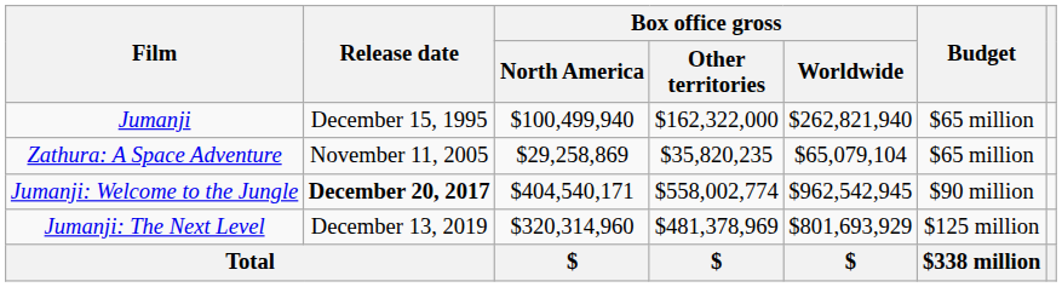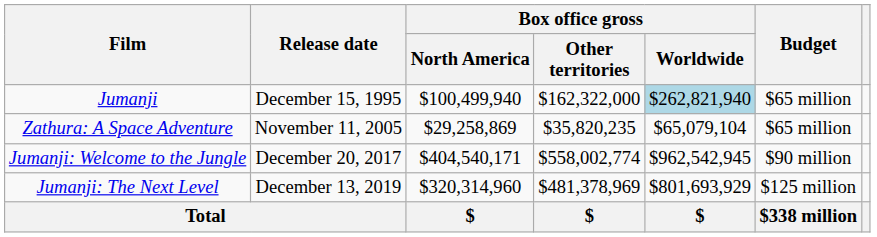 <table class="wikitable sortable" border="1" style="text-align: center;">
 <tr>
 <th rowspan="2">Film</th>
 <th rowspan="2">Release date</th>
 <th colspan="3">Box office gross</th>
 <th rowspan="2">Budget</th>
 <th rowspan="2"></th>
 </tr>
 <tr>
 <th>North America</th>
 <th>Other<br>territories</th>
 <th>Worldwide</th>
 </tr>
 <tr>
 <td><em><a href='#'>Jumanji</a></em></td>
 <td>December 15, 1995</td>
 <td style="text-align:center;">$100,499,940</td>
 <td style="text-align:center;">$162,322,000</td>
-<td style="text-align:center;">$262,821,940</td>
+<td style="background: lightblue; text-align:center;">$262,821,940</td>
 <td style="text-align:center;">$65 million</td>
 <td></td>
 </tr>
 <tr>
 <td><em><a href='#'>Zathura: A Space Adventure</a></em></td>
 <td>November 11, 2005</td>
 <td style="text-align:center;">$29,258,869</td>
 <td style="text-align:center;">$35,820,235</td>
 <td style="text-align:center;">$65,079,104</td>
 <td style="text-align:center;">$65 million</td>
 <td></td>
 </tr>
 <tr>
 <td><em><a href='#'>Jumanji: Welcome to the Jungle</a></em></td>
-<td><strong>December 20, 2017</strong></td>
+<td>December 20, 2017</td>
 <td style="text-align:center;">$404,540,171</td>
 <td style="text-align:center;">$558,002,774</td>
 <td style="text-align:center;">$962,542,945</td>
 <td style="text-align:center;">$90 million</td>
 <td></td>
 </tr>
 <tr>
 <td><em><a href='#'>Jumanji: The Next Level</a></em></td>
 <td>December 13, 2019</td>
 <td style="text-align:center;">$320,314,960</td>
 <td style="text-align:center;">$481,378,969</td>
 <td style="text-align:center;">$801,693,929</td>
 <td style="text-align:center;">$125 million</td>
 <td></td>
 </tr>
 <tr>
 <th colspan="2">Total</th>
 <th>$</th>
 <th>$</th>
 <th>$</th>
 <th>$338 million</th>
 <th></th>
 </tr>
 </table>
